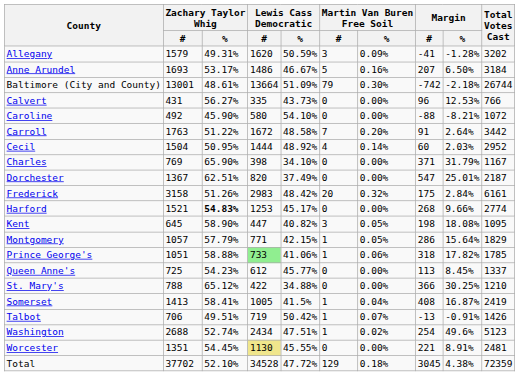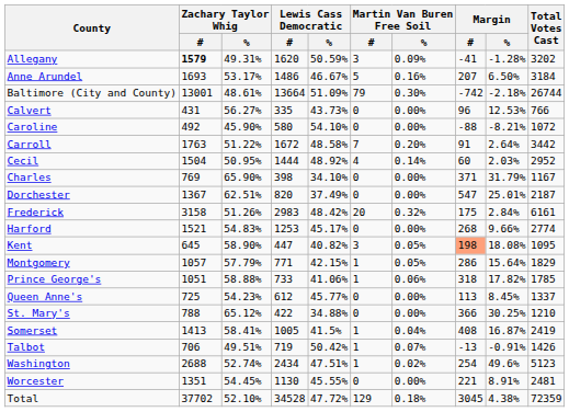 <table class="wikitable sortable">
 <tr>
 <th rowspan="2">County</th>
 <th colspan="2" >Zachary Taylor<br>Whig</th>
 <th colspan="2" >Lewis Cass<br>Democratic</th>
 <th colspan="2" >Martin Van Buren<br>Free Soil</th>
 <th colspan="2">Margin</th>
 <th rowspan="2">Total<br>Votes<br>Cast </th>
 </tr>
 <tr>
 <th>#</th>
 <th>%</th>
 <th>#</th>
 <th>%</th>
 <th>#</th>
 <th>%</th>
 <th>#</th>
 <th>%</th>
 </tr>
 <tr>
 <td><a href='#'>Allegany</a></td>
-<td>1579</td>
+<td><strong>1579</strong></td>
 <td>49.31%</td>
 <td>1620</td>
 <td>50.59%</td>
 <td>3</td>
 <td>0.09%</td>
 <td>-41</td>
 <td>-1.28%</td>
 <td>3202</td>
 </tr>
 <tr>
 <td><a href='#'>Anne Arundel</a></td>
 <td>1693</td>
 <td>53.17%</td>
 <td>1486</td>
 <td>46.67%</td>
 <td>5</td>
 <td>0.16%</td>
 <td>207</td>
 <td>6.50%</td>
 <td>3184</td>
 </tr>
 <tr>
 <td>Baltimore (City and County)</td>
 <td>13001</td>
 <td>48.61%</td>
 <td>13664</td>
 <td>51.09%</td>
 <td>79</td>
 <td>0.30%</td>
 <td>-742</td>
 <td>-2.18%</td>
 <td>26744</td>
 </tr>
 <tr>
 <td><a href='#'>Calvert</a></td>
 <td>431</td>
 <td>56.27%</td>
 <td>335</td>
 <td>43.73%</td>
 <td>0</td>
 <td>0.00%</td>
 <td>96</td>
 <td>12.53%</td>
 <td>766</td>
 </tr>
 <tr>
 <td><a href='#'>Caroline</a></td>
 <td>492</td>
 <td>45.90%</td>
 <td>580</td>
 <td>54.10%</td>
 <td>0</td>
 <td>0.00%</td>
 <td>-88</td>
 <td>-8.21%</td>
 <td>1072</td>
 </tr>
 <tr>
 <td><a href='#'>Carroll</a></td>
 <td>1763</td>
 <td>51.22%</td>
 <td>1672</td>
 <td>48.58%</td>
 <td>7</td>
 <td>0.20%</td>
 <td>91</td>
 <td>2.64%</td>
 <td>3442</td>
 </tr>
 <tr>
 <td><a href='#'>Cecil</a></td>
 <td>1504</td>
 <td>50.95%</td>
 <td>1444</td>
 <td>48.92%</td>
 <td>4</td>
 <td>0.14%</td>
 <td>60</td>
 <td>2.03%</td>
 <td>2952</td>
 </tr>
 <tr>
 <td><a href='#'>Charles</a></td>
 <td>769</td>
 <td>65.90%</td>
 <td>398</td>
 <td>34.10%</td>
 <td>0</td>
 <td>0.00%</td>
 <td>371</td>
 <td>31.79%</td>
 <td>1167</td>
 </tr>
 <tr>
 <td><a href='#'>Dorchester</a></td>
 <td>1367</td>
 <td>62.51%</td>
 <td>820</td>
 <td>37.49%</td>
 <td>0</td>
 <td>0.00%</td>
 <td>547</td>
 <td>25.01%</td>
 <td>2187</td>
 </tr>
 <tr>
 <td><a href='#'>Frederick</a></td>
 <td>3158</td>
 <td>51.26%</td>
 <td>2983</td>
 <td>48.42%</td>
 <td>20</td>
 <td>0.32%</td>
 <td>175</td>
 <td>2.84%</td>
 <td>6161</td>
 </tr>
 <tr>
 <td><a href='#'>Harford</a></td>
 <td>1521</td>
-<td><strong>54.83%</strong></td>
+<td>54.83%</td>
 <td>1253</td>
 <td>45.17%</td>
 <td>0</td>
 <td>0.00%</td>
 <td>268</td>
 <td>9.66%</td>
 <td>2774</td>
 </tr>
 <tr>
 <td><a href='#'>Kent</a></td>
 <td>645</td>
 <td>58.90%</td>
 <td>447</td>
 <td>40.82%</td>
 <td>3</td>
 <td>0.05%</td>
-<td>198</td>
+<td style="background: lightsalmon;">198</td>
 <td>18.08%</td>
 <td>1095</td>
 </tr>
 <tr>
 <td><a href='#'>Montgomery</a></td>
 <td>1057</td>
 <td>57.79%</td>
 <td>771</td>
 <td>42.15%</td>
 <td>1</td>
 <td>0.05%</td>
 <td>286</td>
 <td>15.64%</td>
 <td>1829</td>
 </tr>
 <tr>
 <td><a href='#'>Prince George's</a></td>
 <td>1051</td>
 <td>58.88%</td>
-<td style="background: lightgreen;">733</td>
+<td>733</td>
 <td>41.06%</td>
 <td>1</td>
 <td>0.06%</td>
 <td>318</td>
 <td>17.82%</td>
 <td>1785</td>
 </tr>
 <tr>
 <td><a href='#'>Queen Anne's</a></td>
 <td>725</td>
 <td>54.23%</td>
 <td>612</td>
 <td>45.77%</td>
 <td>0</td>
 <td>0.00%</td>
 <td>113</td>
 <td>8.45%</td>
 <td>1337</td>
 </tr>
 <tr>
 <td><a href='#'>St. Mary's</a></td>
 <td>788</td>
 <td>65.12%</td>
 <td>422</td>
 <td>34.88%</td>
 <td>0</td>
 <td>0.00%</td>
 <td>366</td>
 <td>30.25%</td>
 <td>1210</td>
 </tr>
 <tr>
 <td><a href='#'>Somerset</a></td>
 <td>1413</td>
 <td>58.41%</td>
 <td>1005</td>
 <td>41.5%</td>
 <td>1</td>
 <td>0.04%</td>
 <td>408</td>
 <td>16.87%</td>
 <td>2419</td>
 </tr>
 <tr>
 <td><a href='#'>Talbot</a></td>
 <td>706</td>
 <td>49.51%</td>
 <td>719</td>
 <td>50.42%</td>
 <td>1</td>
 <td>0.07%</td>
 <td>-13</td>
 <td>-0.91%</td>
 <td>1426</td>
 </tr>
 <tr>
 <td><a href='#'>Washington</a></td>
 <td>2688</td>
 <td>52.74%</td>
 <td>2434</td>
 <td>47.51%</td>
 <td>1</td>
 <td>0.02%</td>
 <td>254</td>
 <td>49.6%</td>
 <td>5123</td>
 </tr>
 <tr>
 <td><a href='#'>Worcester</a></td>
 <td>1351</td>
 <td>54.45%</td>
-<td style="background: khaki;">1130</td>
+<td>1130</td>
 <td>45.55%</td>
 <td>0</td>
 <td>0.00%</td>
 <td>221</td>
 <td>8.91%</td>
 <td>2481</td>
 </tr>
 <tr>
 <td>Total</td>
 <td>37702</td>
 <td>52.10%</td>
 <td>34528</td>
 <td>47.72%</td>
 <td>129</td>
 <td>0.18%</td>
 <td>3045</td>
 <td>4.38%</td>
 <td>72359</td>
 </tr>
 </table>
